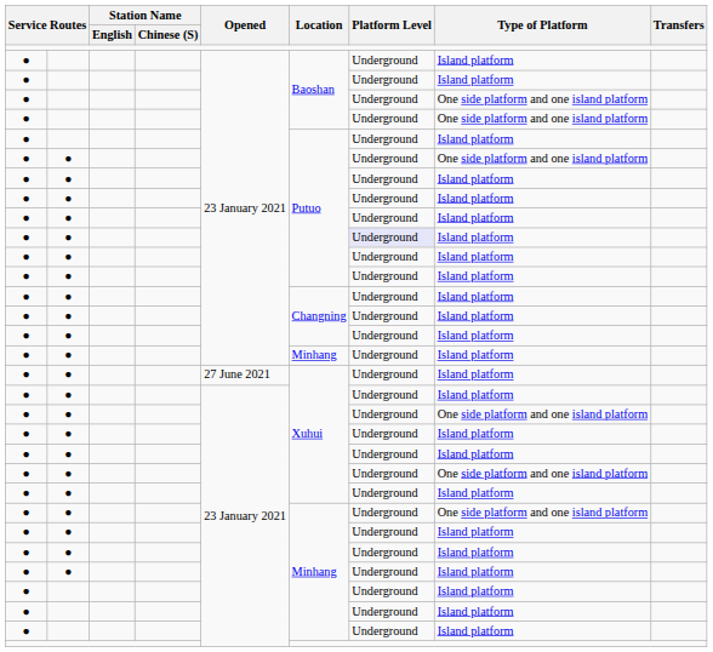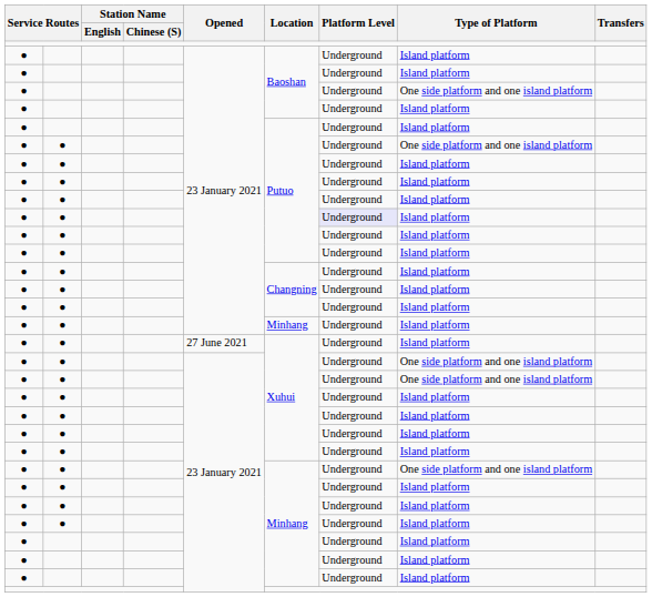 <table class=wikitable>
 <tr>
 <th colspan=2 rowspan=2>Service Routes</th>
 <th colspan=2 style="text-align:center;">Station Name</th>
 <th rowspan=2>Opened</th>
 <th rowspan=2 style="text-align:center;">Location</th>
 <th rowspan=2>Platform Level</th>
 <th rowspan=2>Type of Platform</th>
 <th rowspan=2 style="text-align:center;">Transfers</th>
 </tr>
 <tr>
 <th>English</th>
 <th>Chinese (S)</th>
 </tr>
 <tr style="background:#">
 <td colspan = "9"></td>
 </tr>
 <tr>
 <td align="center">●</td>
 <td align="center"></td>
 <td></td>
 <td><span></span></td>
 <td rowspan="16">23 January 2021</td>
 <td rowspan="4"><a href='#'>Baoshan</a></td>
 <td>Underground</td>
 <td><a href='#'>Island platform</a></td>
 <td></td>
 </tr>
 <tr>
 <td align="center">●</td>
 <td align="center"></td>
 <td></td>
 <td><span></span></td>
 <td>Underground</td>
 <td><a href='#'>Island platform</a></td>
 <td></td>
 </tr>
 <tr>
 <td align="center">●</td>
 <td align="center"></td>
 <td></td>
 <td><span></span></td>
 <td>Underground</td>
 <td>One <a href='#'>side platform</a> and one <a href='#'>island platform</a></td>
 <td></td>
 </tr>
 <tr>
 <td align="center">●</td>
 <td align="center"></td>
 <td></td>
 <td><span></span></td>
 <td>Underground</td>
-<td>One <a href='#'>side platform</a> and one <a href='#'>island platform</a></td>
+<td><a href='#'>Island platform</a></td>
 <td></td>
 </tr>
 <tr>
 <td align="center">●</td>
 <td align="center"></td>
 <td></td>
 <td><span></span></td>
 <td rowspan="8"><a href='#'>Putuo</a></td>
 <td>Underground</td>
 <td><a href='#'>Island platform</a></td>
 <td></td>
 </tr>
 <tr>
 <td align="center">●</td>
 <td align="center">●</td>
 <td></td>
 <td><span></span></td>
 <td>Underground</td>
 <td>One <a href='#'>side platform</a> and one <a href='#'>island platform</a></td>
 <td></td>
 </tr>
 <tr>
 <td align="center">●</td>
 <td align="center">●</td>
 <td></td>
 <td><span></span></td>
 <td>Underground</td>
 <td><a href='#'>Island platform</a></td>
 <td></td>
 </tr>
 <tr>
 <td align="center">●</td>
 <td align="center">●</td>
 <td></td>
 <td><span></span></td>
 <td>Underground</td>
 <td><a href='#'>Island platform</a></td>
 <td> </td>
 </tr>
 <tr>
 <td align="center">●</td>
 <td align="center">●</td>
 <td></td>
 <td><span></span></td>
 <td>Underground</td>
 <td><a href='#'>Island platform</a></td>
 <td></td>
 </tr>
 <tr>
 <td align="center">●</td>
 <td align="center">●</td>
 <td></td>
 <td><span></span></td>
 <td style="background: lavender;">Underground</td>
 <td><a href='#'>Island platform</a></td>
 <td></td>
 </tr>
 <tr>
 <td align="center">●</td>
 <td align="center">●</td>
 <td></td>
 <td><span></span></td>
 <td>Underground</td>
 <td><a href='#'>Island platform</a></td>
 <td></td>
 </tr>
 <tr>
 <td align="center">●</td>
 <td align="center">●</td>
 <td></td>
 <td><span></span></td>
 <td>Underground</td>
 <td><a href='#'>Island platform</a></td>
 <td></td>
 </tr>
 <tr>
 <td align="center">●</td>
 <td align="center">●</td>
 <td></td>
 <td><span></span></td>
 <td rowspan="3"><a href='#'>Changning</a></td>
 <td>Underground</td>
 <td><a href='#'>Island platform</a></td>
 <td></td>
 </tr>
 <tr>
 <td align="center">●</td>
 <td align="center">●</td>
 <td></td>
 <td><span></span></td>
 <td>Underground</td>
 <td><a href='#'>Island platform</a></td>
 <td></td>
 </tr>
 <tr>
 <td align="center">●</td>
 <td align="center">●</td>
 <td></td>
 <td><span></span></td>
 <td>Underground</td>
 <td><a href='#'>Island platform</a></td>
 <td></td>
 </tr>
 <tr>
 <td align="center">●</td>
 <td align="center">●</td>
 <td></td>
 <td><span></span></td>
 <td><a href='#'>Minhang</a></td>
 <td>Underground</td>
 <td><a href='#'>Island platform</a></td>
 <td></td>
 </tr>
 <tr>
 <td align="center">●</td>
 <td align="center">●</td>
 <td></td>
 <td><span></span></td>
 <td>27 June 2021</td>
 <td rowspan="7"><a href='#'>Xuhui</a></td>
 <td>Underground</td>
 <td><a href='#'>Island platform</a></td>
 <td></td>
 </tr>
 <tr>
 <td align="center">●</td>
 <td align="center">●</td>
 <td></td>
 <td><span></span></td>
 <td rowspan="16">23 January 2021</td>
 <td>Underground</td>
-<td><a href='#'>Island platform</a></td>
+<td>One <a href='#'>side platform</a> and one <a href='#'>island platform</a></td>
 <td></td>
 </tr>
 <tr>
 <td align="center">●</td>
 <td align="center">●</td>
 <td></td>
 <td><span></span></td>
 <td>Underground</td>
 <td>One <a href='#'>side platform</a> and one <a href='#'>island platform</a></td>
 <td> <br></td>
 </tr>
 <tr>
 <td align="center">●</td>
 <td align="center">●</td>
 <td></td>
 <td><span></span></td>
 <td>Underground</td>
 <td><a href='#'>Island platform</a></td>
 <td></td>
 </tr>
 <tr>
 <td align="center">●</td>
 <td align="center">●</td>
 <td></td>
 <td><span></span></td>
 <td>Underground</td>
 <td><a href='#'>Island platform</a></td>
 <td></td>
 </tr>
 <tr>
 <td align="center">●</td>
 <td align="center">●</td>
 <td></td>
 <td><span></span></td>
 <td>Underground</td>
-<td>One <a href='#'>side platform</a> and one <a href='#'>island platform</a></td>
+<td><a href='#'>Island platform</a></td>
 <td></td>
 </tr>
 <tr>
 <td align="center">●</td>
 <td align="center">●</td>
 <td></td>
 <td><span></span></td>
 <td>Underground</td>
 <td><a href='#'>Island platform</a></td>
 <td></td>
 </tr>
 <tr>
 <td align="center">●</td>
 <td align="center">●</td>
 <td></td>
 <td><span></span></td>
 <td rowspan="7"><a href='#'>Minhang</a></td>
 <td>Underground</td>
 <td>One <a href='#'>side platform</a> and one <a href='#'>island platform</a></td>
 <td></td>
 </tr>
 <tr>
 <td align="center">●</td>
 <td align="center">●</td>
 <td></td>
 <td><span></span></td>
 <td>Underground</td>
 <td><a href='#'>Island platform</a></td>
 <td></td>
 </tr>
 <tr>
 <td align="center">●</td>
 <td align="center">●</td>
 <td></td>
 <td><span></span></td>
 <td>Underground</td>
 <td><a href='#'>Island platform</a></td>
 <td></td>
 </tr>
 <tr>
 <td align="center">●</td>
 <td align="center">●</td>
 <td></td>
 <td><span></span></td>
 <td>Underground</td>
 <td><a href='#'>Island platform</a></td>
 <td></td>
 </tr>
 <tr>
 <td align="center">●</td>
 <td align="center"></td>
 <td></td>
 <td><span></span></td>
 <td>Underground</td>
 <td><a href='#'>Island platform</a></td>
 <td></td>
 </tr>
 <tr>
 <td align="center">●</td>
 <td align="center"></td>
 <td></td>
 <td><span></span></td>
 <td>Underground</td>
 <td><a href='#'>Island platform</a></td>
 <td></td>
 </tr>
 <tr>
 <td align="center">●</td>
 <td align="center"></td>
 <td></td>
 <td><span></span></td>
 <td>Underground</td>
 <td><a href='#'>Island platform</a></td>
 <td></td>
 </tr>
 <tr style="background:#">
 <td colspan = "9"></td>
 </tr>
 </table>
